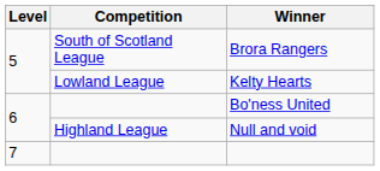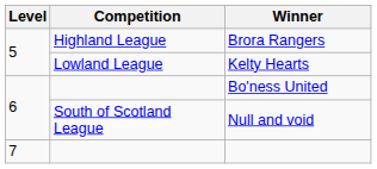 <table class="wikitable">
 <tr>
 <th>Level</th>
 <th width=180>Competition</th>
 <th width=150>Winner</th>
 </tr>
 <tr>
 <td rowspan="2">5</td>
-<td><a href='#'>South of Scotland League</a></td>
+<td><a href='#'>Highland League</a></td>
 <td><a href='#'>Brora Rangers</a></td>
 </tr>
 <tr>
 <td><a href='#'>Lowland League</a></td>
 <td><a href='#'>Kelty Hearts</a></td>
 </tr>
 <tr>
 <td rowspan="2">6</td>
 <td></td>
 <td><a href='#'>Bo'ness United</a></td>
 </tr>
 <tr>
-<td><a href='#'>Highland League</a></td>
+<td><a href='#'>South of Scotland League</a></td>
 <td><a href='#'>Null and void</a></td>
 </tr>
 <tr>
 <td>7</td>
 <td></td>
 <td><br></td>
 </tr>
 </table>
